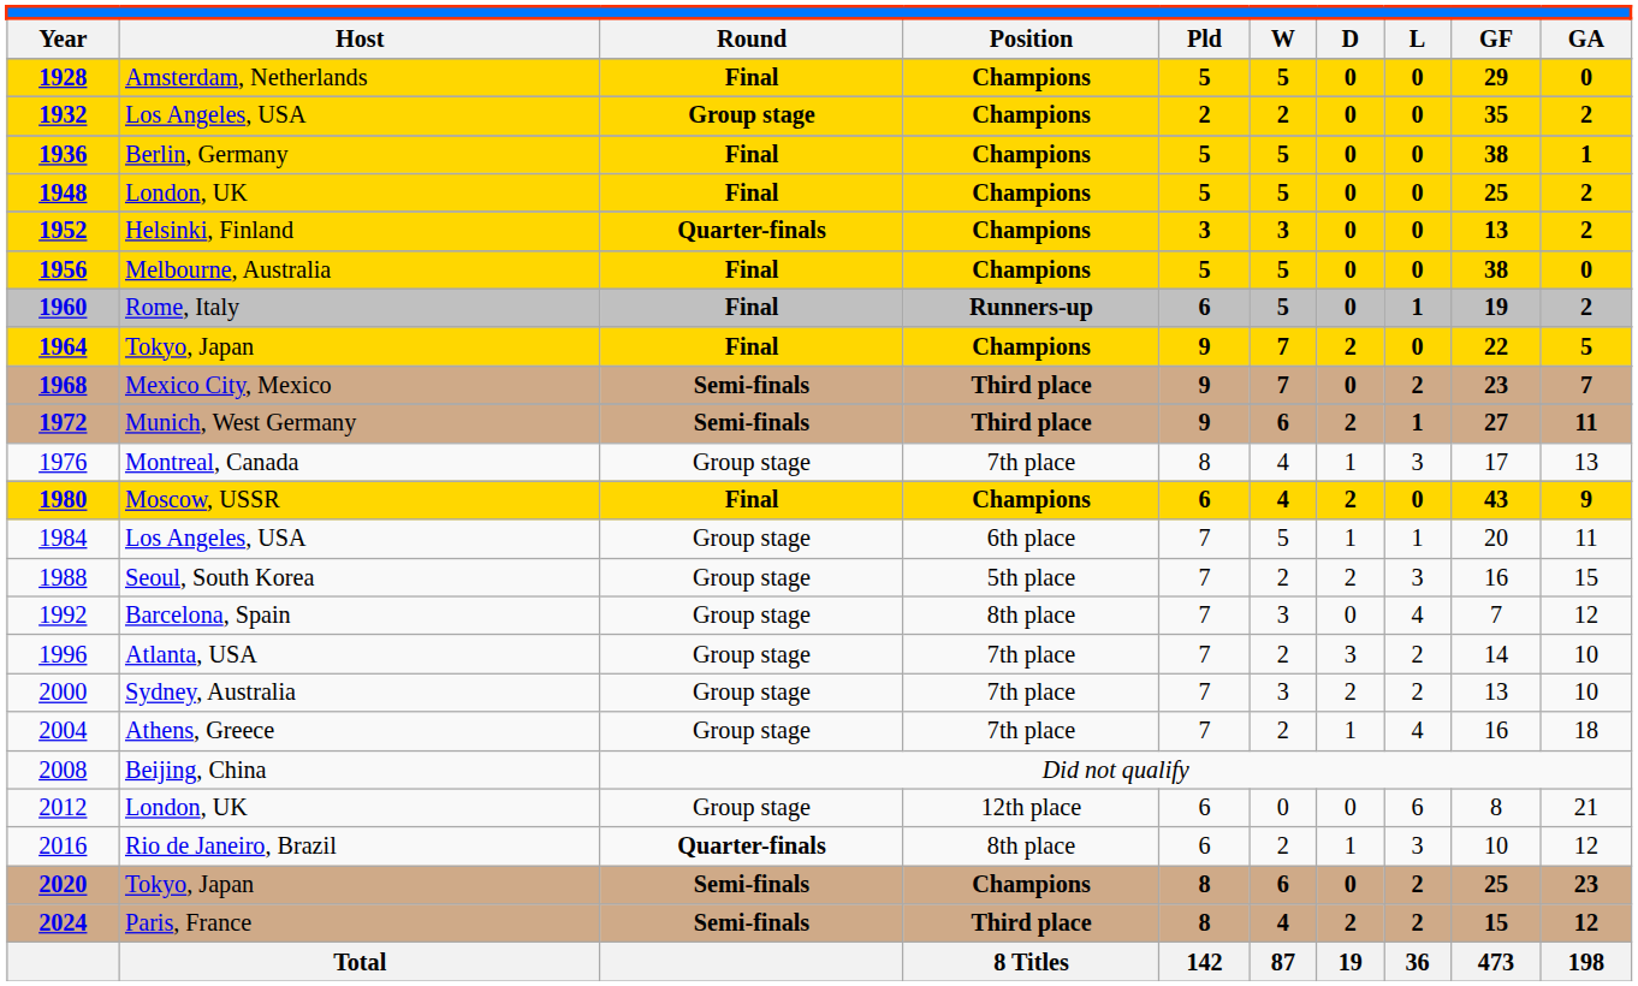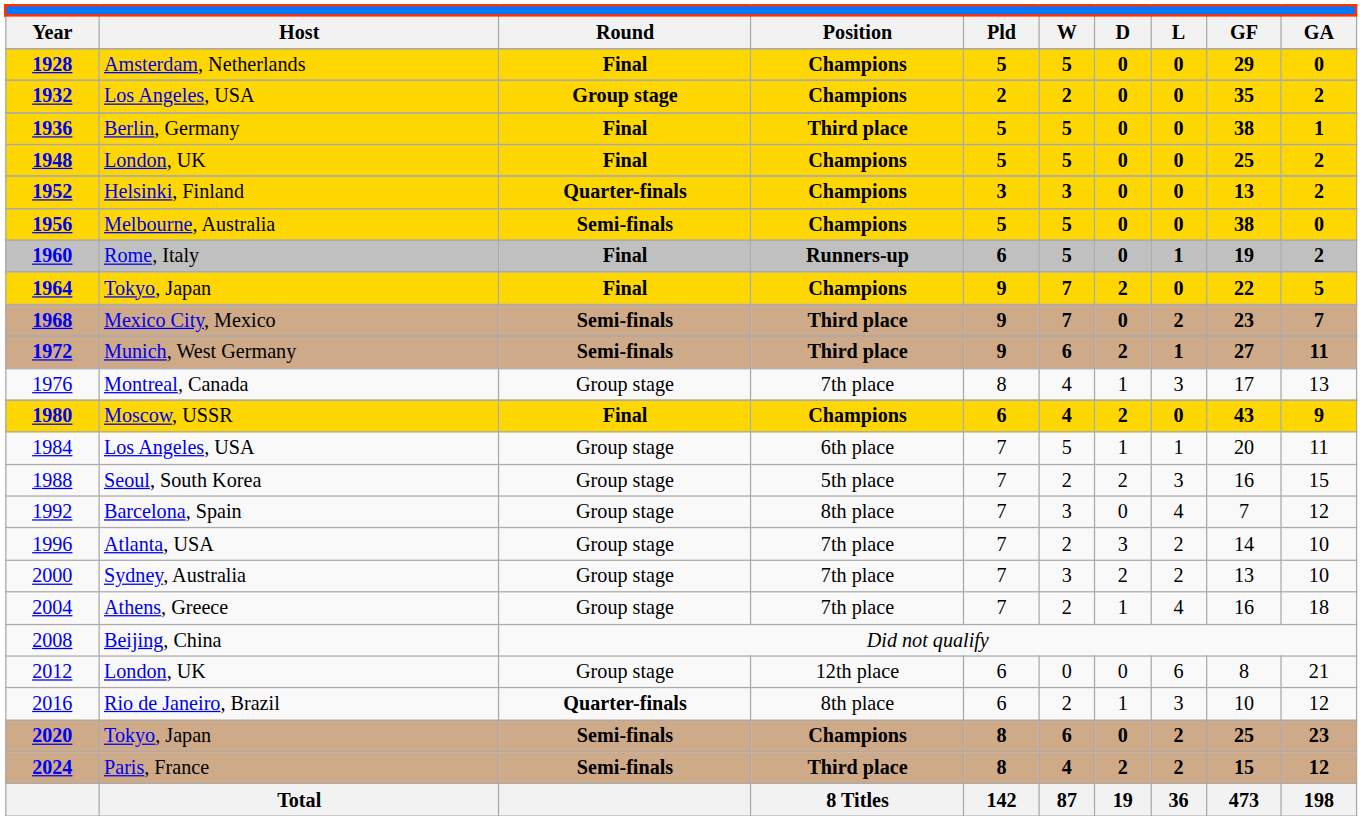 <table class="wikitable" style="text-align: center; width:85%">
 <tr>
 <th colspan=10 style="background: #0077FF;border: 2px solid #ff3300;color: #FFFFFF;Field hockey at the Summer Olympics"></th>
 </tr>
 <tr>
 <th>Year</th>
 <th>Host</th>
 <th>Round</th>
 <th>Position</th>
 <th>Pld</th>
 <th>W</th>
 <th>D</th>
 <th>L</th>
 <th>GF</th>
 <th>GA</th>
 </tr>
 <tr>
 </tr>
 <tr bgcolor=gold>
 <td><strong><a href='#'>1928</a></strong></td>
 <td align=left> <a href='#'>Amsterdam</a>, Netherlands</td>
 <td><strong>Final</strong></td>
 <td><strong>Champions</strong></td>
 <td><strong>5</strong></td>
 <td><strong>5</strong></td>
 <td><strong>0</strong></td>
 <td><strong>0</strong></td>
 <td><strong>29</strong></td>
 <td><strong>0</strong></td>
 </tr>
 <tr>
 </tr>
 <tr bgcolor=gold>
 <td><strong><a href='#'>1932</a></strong></td>
 <td align=left> <a href='#'>Los Angeles</a>, USA</td>
 <td><strong>Group stage</strong></td>
 <td><strong>Champions</strong></td>
 <td><strong>2</strong></td>
 <td><strong>2</strong></td>
 <td><strong>0</strong></td>
 <td><strong>0</strong></td>
 <td><strong>35</strong></td>
 <td><strong>2</strong></td>
 </tr>
 <tr>
 </tr>
 <tr bgcolor=gold>
 <td><strong><a href='#'>1936</a></strong></td>
 <td align=left> <a href='#'>Berlin</a>, Germany</td>
 <td><strong>Final</strong></td>
-<td><strong>Champions</strong></td>
+<td><strong>Third place </strong></td>
 <td><strong>5</strong></td>
 <td><strong>5</strong></td>
 <td><strong>0</strong></td>
 <td><strong>0</strong></td>
 <td><strong>38</strong></td>
 <td><strong>1</strong></td>
 </tr>
 <tr>
 </tr>
 <tr bgcolor=gold>
 <td><strong><a href='#'>1948</a></strong></td>
 <td align=left> <a href='#'>London</a>, UK</td>
 <td><strong>Final</strong></td>
 <td><strong>Champions</strong></td>
 <td><strong>5</strong></td>
 <td><strong>5</strong></td>
 <td><strong>0</strong></td>
 <td><strong>0</strong></td>
 <td><strong>25</strong></td>
 <td><strong>2</strong></td>
 </tr>
 <tr>
 </tr>
 <tr bgcolor=gold>
 <td><strong><a href='#'>1952</a></strong></td>
 <td align=left> <a href='#'>Helsinki</a>, Finland</td>
 <td><strong>Quarter-finals</strong></td>
 <td><strong>Champions</strong></td>
 <td><strong>3</strong></td>
 <td><strong>3</strong></td>
 <td><strong>0</strong></td>
 <td><strong>0</strong></td>
 <td><strong>13</strong></td>
 <td><strong>2</strong></td>
 </tr>
 <tr>
 </tr>
 <tr bgcolor=gold>
 <td><strong><a href='#'>1956</a></strong></td>
 <td align=left> <a href='#'>Melbourne</a>, Australia</td>
-<td><strong>Final</strong></td>
+<td><strong>Semi-finals</strong></td>
 <td><strong>Champions</strong></td>
 <td><strong>5</strong></td>
 <td><strong>5</strong></td>
 <td><strong>0</strong></td>
 <td><strong>0</strong></td>
 <td><strong>38</strong></td>
 <td><strong>0</strong></td>
 </tr>
 <tr>
 </tr>
 <tr bgcolor=silver>
 <td><strong><a href='#'>1960</a></strong></td>
 <td align=left> <a href='#'>Rome</a>, Italy</td>
 <td><strong>Final</strong></td>
 <td><strong>Runners-up</strong></td>
 <td><strong>6</strong></td>
 <td><strong>5</strong></td>
 <td><strong>0</strong></td>
 <td><strong>1</strong></td>
 <td><strong>19</strong></td>
 <td><strong>2</strong></td>
 </tr>
 <tr>
 </tr>
 <tr bgcolor=gold>
 <td><strong><a href='#'>1964</a></strong></td>
 <td align=left> <a href='#'>Tokyo</a>, Japan</td>
 <td><strong>Final</strong></td>
 <td><strong>Champions</strong></td>
 <td><strong>9</strong></td>
 <td><strong>7</strong></td>
 <td><strong>2</strong></td>
 <td><strong>0</strong></td>
 <td><strong>22</strong></td>
 <td><strong>5</strong></td>
 </tr>
 <tr>
 </tr>
 <tr bgcolor=#CFAA88>
 <td><strong><a href='#'>1968</a></strong></td>
 <td align=left> <a href='#'>Mexico City</a>, Mexico</td>
 <td><strong>Semi-finals</strong></td>
 <td><strong>Third place </strong></td>
 <td><strong>9</strong></td>
 <td><strong>7</strong></td>
 <td><strong>0</strong></td>
 <td><strong>2</strong></td>
 <td><strong>23</strong></td>
 <td><strong>7</strong></td>
 </tr>
 <tr>
 </tr>
 <tr bgcolor=#CFAA88>
 <td><strong><a href='#'>1972</a></strong></td>
 <td align=left> <a href='#'>Munich</a>, West Germany</td>
 <td><strong>Semi-finals</strong></td>
 <td><strong> Third place</strong></td>
 <td><strong>9</strong></td>
 <td><strong>6</strong></td>
 <td><strong>2</strong></td>
 <td><strong>1</strong></td>
 <td><strong>27</strong></td>
 <td><strong>11</strong></td>
 </tr>
 <tr>
 <td><a href='#'>1976</a></td>
 <td align=left> <a href='#'>Montreal</a>, Canada</td>
 <td>Group stage</td>
 <td>7th place</td>
 <td>8</td>
 <td>4</td>
 <td>1</td>
 <td>3</td>
 <td>17</td>
 <td>13</td>
 </tr>
 <tr>
 </tr>
 <tr bgcolor=gold>
 <td><strong><a href='#'>1980</a></strong></td>
 <td align=left> <a href='#'>Moscow</a>, USSR</td>
 <td><strong>Final</strong></td>
 <td><strong>Champions</strong></td>
 <td><strong>6</strong></td>
 <td><strong>4</strong></td>
 <td><strong>2</strong></td>
 <td><strong>0</strong></td>
 <td><strong>43</strong></td>
 <td><strong>9</strong></td>
 </tr>
 <tr>
 <td><a href='#'>1984</a></td>
 <td align=left> <a href='#'>Los Angeles</a>, USA</td>
 <td>Group stage</td>
 <td>6th place</td>
 <td>7</td>
 <td>5</td>
 <td>1</td>
 <td>1</td>
 <td>20</td>
 <td>11</td>
 </tr>
 <tr>
 <td><a href='#'>1988</a></td>
 <td align=left> <a href='#'>Seoul</a>, South Korea</td>
 <td>Group stage</td>
 <td>5th place</td>
 <td>7</td>
 <td>2</td>
 <td>2</td>
 <td>3</td>
 <td>16</td>
 <td>15</td>
 </tr>
 <tr>
 <td><a href='#'>1992</a></td>
 <td align=left> <a href='#'>Barcelona</a>, Spain</td>
 <td>Group stage</td>
 <td>8th place</td>
 <td>7</td>
 <td>3</td>
 <td>0</td>
 <td>4</td>
 <td>7</td>
 <td>12</td>
 </tr>
 <tr>
 <td><a href='#'>1996</a></td>
 <td align=left> <a href='#'>Atlanta</a>, USA</td>
 <td>Group stage</td>
 <td>7th place</td>
 <td>7</td>
 <td>2</td>
 <td>3</td>
 <td>2</td>
 <td>14</td>
 <td>10</td>
 </tr>
 <tr>
 <td><a href='#'>2000</a></td>
 <td align=left> <a href='#'>Sydney</a>, Australia</td>
 <td>Group stage</td>
 <td>7th place</td>
 <td>7</td>
 <td>3</td>
 <td>2</td>
 <td>2</td>
 <td>13</td>
 <td>10</td>
 </tr>
 <tr>
 <td><a href='#'>2004</a></td>
 <td align=left> <a href='#'>Athens</a>, Greece</td>
 <td>Group stage</td>
 <td>7th place</td>
 <td>7</td>
 <td>2</td>
 <td>1</td>
 <td>4</td>
 <td>16</td>
 <td>18</td>
 </tr>
 <tr>
 <td><a href='#'>2008</a></td>
 <td align=left> <a href='#'>Beijing</a>, China</td>
 <td colspan=8><em>Did not qualify</em></td>
 </tr>
 <tr>
 <td><a href='#'>2012</a></td>
 <td align=left> <a href='#'>London</a>, UK</td>
 <td>Group stage</td>
 <td>12th place</td>
 <td>6</td>
 <td>0</td>
 <td>0</td>
 <td>6</td>
 <td>8</td>
 <td>21</td>
 </tr>
 <tr>
 <td><a href='#'>2016</a></td>
 <td align=left> <a href='#'>Rio de Janeiro</a>, Brazil</td>
 <td><strong>Quarter-finals</strong></td>
 <td>8th place</td>
 <td>6</td>
 <td>2</td>
 <td>1</td>
 <td>3</td>
 <td>10</td>
 <td>12</td>
 </tr>
 <tr bgcolor=#CFAA88>
 <td><strong><a href='#'>2020</a></strong></td>
 <td align=left> <a href='#'>Tokyo</a>, Japan</td>
 <td><strong>Semi-finals</strong></td>
 <td><strong>Champions</strong></td>
 <td><strong>8</strong></td>
 <td><strong>6</strong></td>
 <td><strong>0</strong></td>
 <td><strong>2</strong></td>
 <td><strong>25</strong></td>
 <td><strong>23</strong></td>
 </tr>
 <tr bgcolor=#CFAA88>
 <td><strong><a href='#'>2024</a></strong></td>
 <td align=left> <a href='#'>Paris</a>, France</td>
 <td><strong>Semi-finals</strong></td>
 <td><strong>Third place</strong></td>
 <td><strong>8</strong></td>
 <td><strong>4</strong></td>
 <td><strong>2</strong></td>
 <td><strong>2</strong></td>
 <td><strong>15</strong></td>
 <td><strong>12</strong></td>
 </tr>
 <tr>
 <th></th>
 <th>Total</th>
 <th></th>
 <th>8 Titles</th>
 <th>142</th>
 <th>87</th>
 <th>19</th>
 <th>36</th>
 <th>473</th>
 <th>198</th>
 </tr>
 </table>
